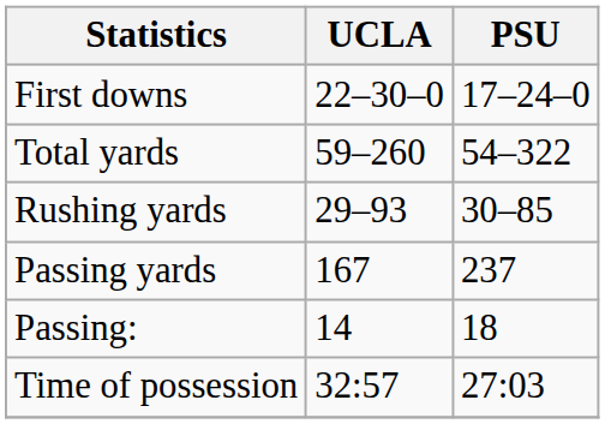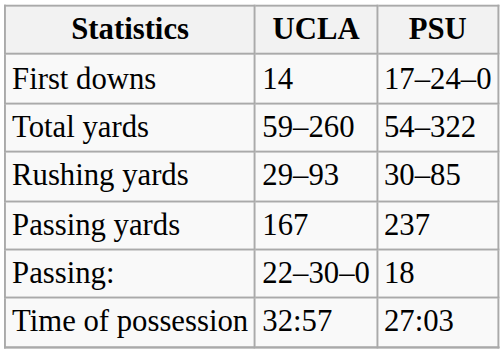 <table class="wikitable" style="float: left;">
 <tr>
 <th>Statistics</th>
 <th>UCLA</th>
 <th>PSU</th>
 </tr>
 <tr>
 <td>First downs</td>
-<td>22–30–0</td>
+<td>14</td>
 <td>17–24–0</td>
 </tr>
 <tr>
 <td>Total yards</td>
 <td>59–260</td>
 <td>54–322</td>
 </tr>
 <tr>
 <td>Rushing yards</td>
 <td>29–93</td>
 <td>30–85</td>
 </tr>
 <tr>
 <td>Passing yards</td>
 <td>167</td>
 <td>237</td>
 </tr>
 <tr>
 <td>Passing:</td>
-<td>14</td>
+<td>22–30–0</td>
 <td>18</td>
 </tr>
 <tr>
 <td>Time of possession</td>
 <td>32:57</td>
 <td>27:03</td>
 </tr>
 <tr>
 </tr>
 </table>
